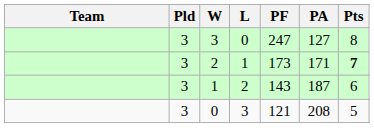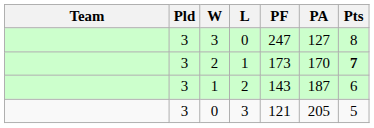 <table class="wikitable" style="text-align:center;">
 <tr>
 <th width=170>Team</th>
 <th width=25>Pld</th>
 <th width=25>W</th>
 <th width=25>L</th>
 <th width=35>PF</th>
 <th width=35>PA</th>
 <th width=25>Pts</th>
 </tr>
 <tr bgcolor=#ccffcc>
 <td align="left"></td>
 <td>3</td>
 <td>3</td>
 <td>0</td>
 <td>247</td>
 <td>127</td>
 <td>8</td>
 </tr>
 <tr bgcolor=#ccffcc>
 <td align="left"></td>
 <td>3</td>
 <td>2</td>
 <td>1</td>
 <td>173</td>
-<td>171</td>
+<td>170</td>
 <td><strong>7</strong></td>
 </tr>
 <tr bgcolor=#ccffcc>
 <td align="left"></td>
 <td>3</td>
 <td>1</td>
 <td>2</td>
 <td>143</td>
 <td>187</td>
 <td>6</td>
 </tr>
 <tr bgcolor=>
 <td align="left"><em></em></td>
 <td>3</td>
 <td>0</td>
 <td>3</td>
 <td>121</td>
-<td>208</td>
+<td>205</td>
 <td>5</td>
 </tr>
 </table>
